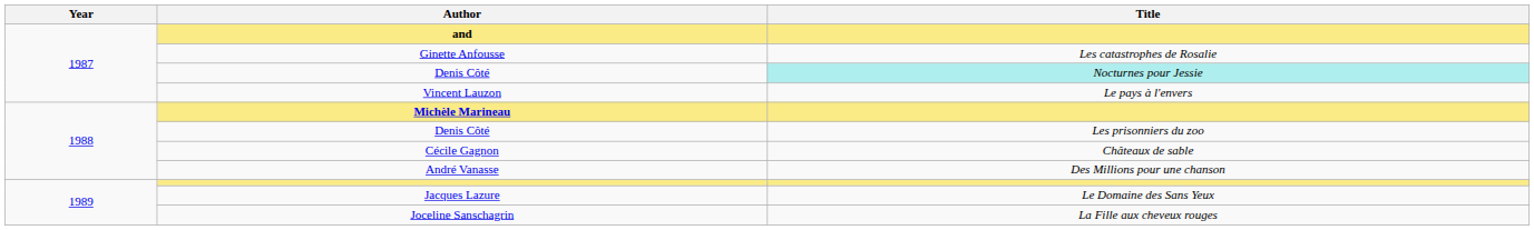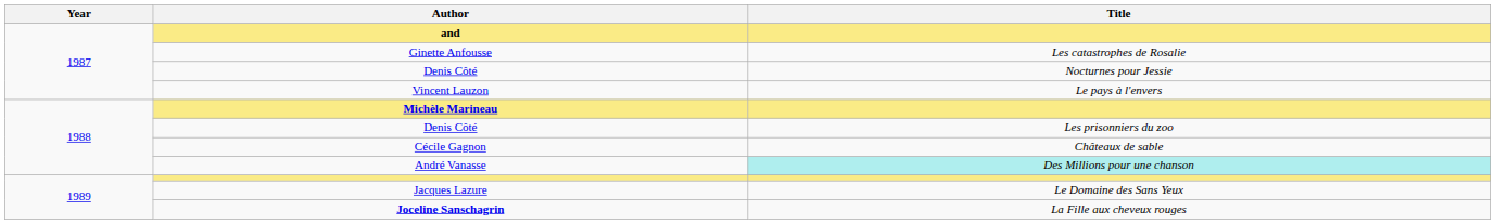 <table class="wikitable" width="100%">
 <tr>
 <th>Year</th>
 <th width="40%">Author</th>
 <th width="50%">Title</th>
 </tr>
 <tr>
 <td align="center" rowspan="4"><a href='#'>1987</a></td>
 <td align="center"  style="background:#FAEB86"><strong> and </strong></td>
 <td align="center"  style="background:#FAEB86"><strong><em></em></strong></td>
 </tr>
 <tr>
 <td align="center"><a href='#'>Ginette Anfousse</a></td>
 <td align="center"><em>Les catastrophes de Rosalie</em></td>
 </tr>
 <tr>
 <td align="center"><a href='#'>Denis Côté</a></td>
-<td align="center" style="background: paleturquoise;"><em>Nocturnes pour Jessie</em></td>
+<td align="center"><em>Nocturnes pour Jessie</em></td>
 </tr>
 <tr>
 <td align="center"><a href='#'>Vincent Lauzon</a></td>
 <td align="center"><em>Le pays à l'envers</em></td>
 </tr>
 <tr>
 <td align="center" rowspan="4"><a href='#'>1988</a></td>
 <td align="center"  style="background:#FAEB86"><strong><a href='#'>Michèle Marineau</a></strong></td>
 <td align="center"  style="background:#FAEB86"><strong><em></em></strong></td>
 </tr>
 <tr>
 <td align="center"><a href='#'>Denis Côté</a></td>
 <td align="center"><em>Les prisonniers du zoo</em></td>
 </tr>
 <tr>
 <td align="center"><a href='#'>Cécile Gagnon</a></td>
 <td align="center"><em>Châteaux de sable</em></td>
 </tr>
 <tr>
 <td align="center"><a href='#'>André Vanasse</a></td>
-<td align="center"><em>Des Millions pour une chanson</em></td>
+<td align="center" style="background: paleturquoise;"><em>Des Millions pour une chanson</em></td>
 </tr>
 <tr>
 <td align="center" rowspan="3"><a href='#'>1989</a></td>
 <td align="center"  style="background:#FAEB86"><strong></strong></td>
 <td align="center"  style="background:#FAEB86"><strong><em></em></strong></td>
 </tr>
 <tr>
 <td align="center"><a href='#'>Jacques Lazure</a></td>
 <td align="center"><em>Le Domaine des Sans Yeux</em></td>
 </tr>
 <tr>
-<td align="center"><a href='#'>Joceline Sanschagrin</a></td>
+<td align="center"><strong><a href='#'>Joceline Sanschagrin</a></strong></td>
 <td align="center"><em>La Fille aux cheveux rouges</em></td>
 </tr>
 </table>
